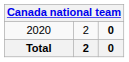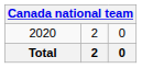 <table class="wikitable" style="text-align:center">
 <tr>
 <th colspan=3><a href='#'>Canada national team</a></th>
 </tr>
 <tr>
 <td>2020</td>
 <td>2</td>
-<td><strong>0</strong></td>
+<td>0</td>
 </tr>
 <tr>
 <th>Total</th>
 <th>2</th>
 <th>0</th>
 </tr>
 </table>
